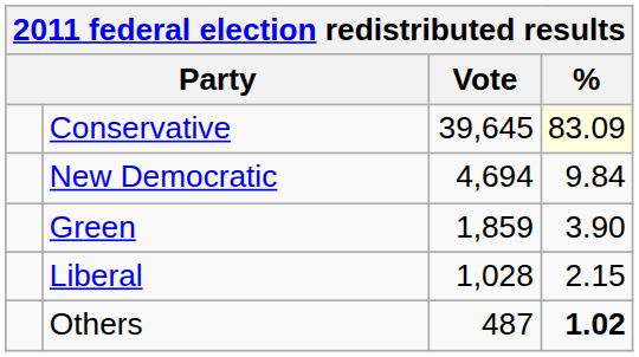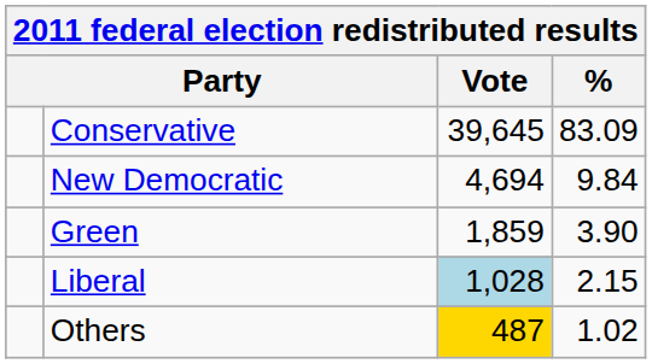 <table class="wikitable">
 <tr>
 <th colspan="4"><a href='#'>2011 federal election</a> redistributed results</th>
 </tr>
 <tr>
 <th bgcolor="#DDDDFF" width="130px" colspan="2">Party</th>
 <th bgcolor="#DDDDFF" width="50px">Vote</th>
 <th bgcolor="#DDDDFF" width="30px">%</th>
 </tr>
 <tr>
 <td> </td>
 <td><a href='#'>Conservative</a></td>
 <td align=right>39,645</td>
-<td align=right style="background: lightyellow;">83.09</td>
+<td align=right>83.09</td>
 </tr>
 <tr>
 <td> </td>
 <td><a href='#'>New Democratic</a></td>
 <td align=right>4,694</td>
 <td align=right>9.84</td>
 </tr>
 <tr>
 <td> </td>
 <td><a href='#'>Green</a></td>
 <td align=right>1,859</td>
 <td align=right>3.90</td>
 </tr>
 <tr>
 <td> </td>
 <td><a href='#'>Liberal</a></td>
-<td align=right>1,028</td>
+<td align=right style="background: lightblue;">1,028</td>
 <td align=right>2.15</td>
 </tr>
 <tr>
 <td> </td>
 <td>Others</td>
-<td align=right>487</td>
-<td align=right><strong>1.02</strong></td>
+<td align=right style="background: gold;">487</td>
+<td align=right>1.02</td>
 </tr>
 </table>
